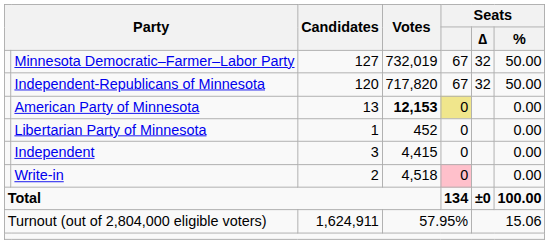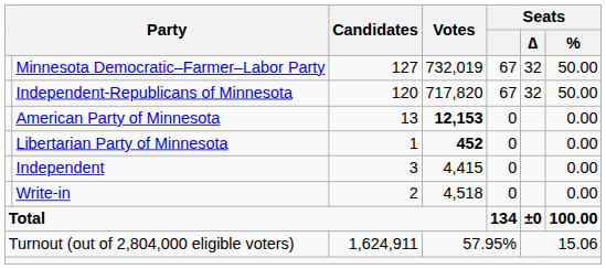 <table class="wikitable">
 <tr>
 <th rowspan="2" colspan="2">Party</th>
 <th rowspan="2">Candidates</th>
 <th rowspan="2" colspan="1">Votes</th>
 <th colspan="3">Seats</th>
 </tr>
 <tr>
 <th></th>
 <th>∆</th>
 <th>%</th>
 </tr>
 <tr>
 <td style="background-color:"></td>
 <td><a href='#'>Minnesota Democratic–Farmer–Labor Party</a></td>
 <td align="right">127</td>
 <td align="right">732,019</td>
 <td align="right">67</td>
 <td align="right">32</td>
 <td align="right">50.00</td>
 </tr>
 <tr>
 <td style="background-color:"></td>
 <td><a href='#'>Independent-Republicans of Minnesota</a></td>
 <td align="right">120</td>
 <td align="right">717,820</td>
 <td align="right">67</td>
 <td align="right">32</td>
 <td align="right">50.00</td>
 </tr>
 <tr>
 <td style="background-color:"></td>
 <td><a href='#'>American Party of Minnesota</a></td>
 <td align="right">13</td>
 <td align="right"><strong>12,153</strong></td>
-<td align="right" style="background: khaki;">0</td>
+<td align="right">0</td>
 <td align="right"></td>
 <td align="right">0.00</td>
 </tr>
 <tr>
 <td style="background-color:"></td>
 <td><a href='#'>Libertarian Party of Minnesota</a></td>
 <td align="right">1</td>
-<td align="right">452</td>
+<td align="right"><strong>452</strong></td>
 <td align="right">0</td>
 <td align="right"></td>
 <td align="right">0.00</td>
 </tr>
 <tr>
 <td style="background-color:"></td>
 <td><a href='#'>Independent</a></td>
 <td align="right">3</td>
 <td align="right">4,415</td>
 <td align="right">0</td>
 <td align="right"></td>
 <td align="right">0.00</td>
 </tr>
 <tr>
 <td style="background-color:"></td>
 <td><a href='#'>Write-in</a></td>
 <td align="right">2</td>
 <td align="right">4,518</td>
-<td align="right" style="background: pink;">0</td>
+<td align="right">0</td>
 <td align="right"></td>
 <td align="right">0.00</td>
 </tr>
 <tr>
 <td colspan="4" align="left"><strong>Total</strong></td>
 <td align="right"><strong>134</strong></td>
 <td align="right"><strong>±0</strong></td>
 <td align="right"><strong>100.00</strong></td>
 </tr>
 <tr>
 <td colspan="2" align="left">Turnout (out of 2,804,000 eligible voters)</td>
 <td colspan="1" align="right">1,624,911</td>
 <td colspan="2" align="right">57.95%</td>
 <td colspan="2" align="right">15.06 </td>
 </tr>
 <tr>
 <td colspan="7"></td>
 </tr>
 </table>
